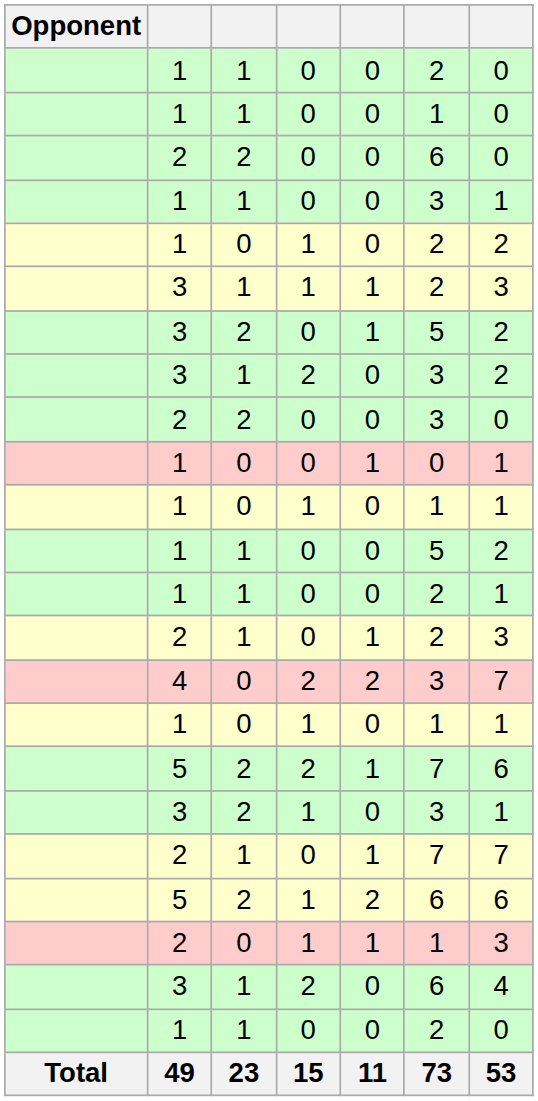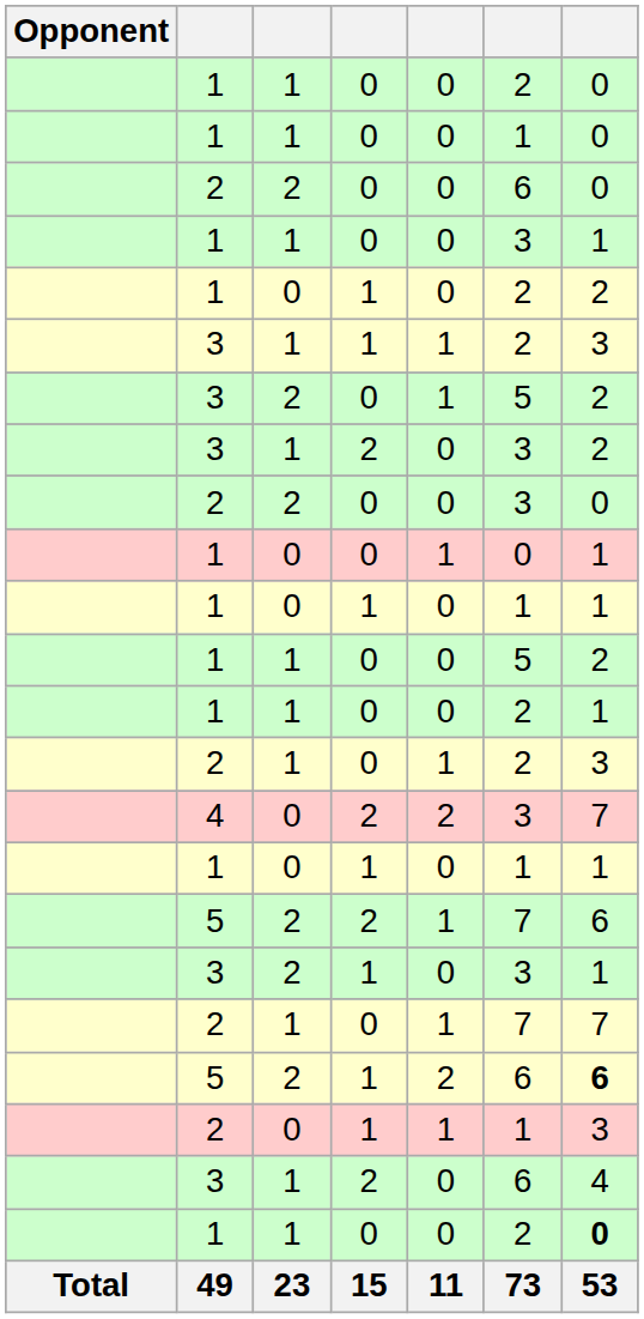 <table class="wikitable sortable" style="text-align: center;">
 <tr>
 <th width="30">Opponent</th>
 <th width="30"></th>
 <th width="30"></th>
 <th width="30"></th>
 <th width="30"></th>
 <th width="30"></th>
 <th width="30"></th>
 </tr>
 <tr bgcolor=#CCFFCC>
 <td align="left"></td>
 <td>1</td>
 <td>1</td>
 <td>0</td>
 <td>0</td>
 <td>2</td>
 <td>0</td>
 </tr>
 <tr bgcolor=#CCFFCC>
 <td align="left"></td>
 <td>1</td>
 <td>1</td>
 <td>0</td>
 <td>0</td>
 <td>1</td>
 <td>0</td>
 </tr>
 <tr bgcolor=#CCFFCC>
 <td align="left"></td>
 <td>2</td>
 <td>2</td>
 <td>0</td>
 <td>0</td>
 <td>6</td>
 <td>0</td>
 </tr>
 <tr bgcolor=#CCFFCC>
 <td align="left"></td>
 <td>1</td>
 <td>1</td>
 <td>0</td>
 <td>0</td>
 <td>3</td>
 <td>1</td>
 </tr>
 <tr bgcolor=#FFFFCC>
 <td align="left"></td>
 <td>1</td>
 <td>0</td>
 <td>1</td>
 <td>0</td>
 <td>2</td>
 <td>2</td>
 </tr>
 <tr bgcolor=#FFFFCC>
 <td align="left"></td>
 <td>3</td>
 <td>1</td>
 <td>1</td>
 <td>1</td>
 <td>2</td>
 <td>3</td>
 </tr>
 <tr bgcolor=#CCFFCC>
 <td align="left"></td>
 <td>3</td>
 <td>2</td>
 <td>0</td>
 <td>1</td>
 <td>5</td>
 <td>2</td>
 </tr>
 <tr bgcolor=#CCFFCC>
 <td align="left"></td>
 <td>3</td>
 <td>1</td>
 <td>2</td>
 <td>0</td>
 <td>3</td>
 <td>2</td>
 </tr>
 <tr bgcolor=#CCFFCC>
 <td align="left"></td>
 <td>2</td>
 <td>2</td>
 <td>0</td>
 <td>0</td>
 <td>3</td>
 <td>0</td>
 </tr>
 <tr bgcolor=#FFCCCC>
 <td align="left"></td>
 <td>1</td>
 <td>0</td>
 <td>0</td>
 <td>1</td>
 <td>0</td>
 <td>1</td>
 </tr>
 <tr bgcolor=#FFFFCC>
 <td align="left"></td>
 <td>1</td>
 <td>0</td>
 <td>1</td>
 <td>0</td>
 <td>1</td>
 <td>1</td>
 </tr>
 <tr bgcolor=#CCFFCC>
 <td align="left"></td>
 <td>1</td>
 <td>1</td>
 <td>0</td>
 <td>0</td>
 <td>5</td>
 <td>2</td>
 </tr>
 <tr bgcolor=#CCFFCC>
 <td align="left"></td>
 <td>1</td>
 <td>1</td>
 <td>0</td>
 <td>0</td>
 <td>2</td>
 <td>1</td>
 </tr>
 <tr bgcolor=#FFFFCC>
 <td align="left"></td>
 <td>2</td>
 <td>1</td>
 <td>0</td>
 <td>1</td>
 <td>2</td>
 <td>3</td>
 </tr>
 <tr bgcolor=#FFCCCC>
 <td align="left"></td>
 <td>4</td>
 <td>0</td>
 <td>2</td>
 <td>2</td>
 <td>3</td>
 <td>7</td>
 </tr>
 <tr bgcolor=#FFFFCC>
 <td align="left"></td>
 <td>1</td>
 <td>0</td>
 <td>1</td>
 <td>0</td>
 <td>1</td>
 <td>1</td>
 </tr>
 <tr bgcolor=#CCFFCC>
 <td align="left"></td>
 <td>5</td>
 <td>2</td>
 <td>2</td>
 <td>1</td>
 <td>7</td>
 <td>6</td>
 </tr>
 <tr bgcolor=#CCFFCC>
 <td align="left"></td>
 <td>3</td>
 <td>2</td>
 <td>1</td>
 <td>0</td>
 <td>3</td>
 <td>1</td>
 </tr>
 <tr bgcolor=#FFFFCC>
 <td align="left"></td>
 <td>2</td>
 <td>1</td>
 <td>0</td>
 <td>1</td>
 <td>7</td>
 <td>7</td>
 </tr>
 <tr bgcolor=#FFFFCC>
 <td align="left"></td>
 <td>5</td>
 <td>2</td>
 <td>1</td>
 <td>2</td>
 <td>6</td>
-<td>6</td>
+<td><strong>6</strong></td>
 </tr>
 <tr bgcolor=#FFCCCC>
 <td align="left"></td>
 <td>2</td>
 <td>0</td>
 <td>1</td>
 <td>1</td>
 <td>1</td>
 <td>3</td>
 </tr>
 <tr bgcolor=#CCFFCC>
 <td align="left"></td>
 <td>3</td>
 <td>1</td>
 <td>2</td>
 <td>0</td>
 <td>6</td>
 <td>4</td>
 </tr>
 <tr bgcolor=#CCFFCC>
 <td align="left"></td>
 <td>1</td>
 <td>1</td>
 <td>0</td>
 <td>0</td>
 <td>2</td>
-<td>0</td>
+<td><strong>0</strong></td>
 </tr>
 <tr>
 <th>Total</th>
 <th>49</th>
 <th>23</th>
 <th>15</th>
 <th>11</th>
 <th>73</th>
 <th>53</th>
 </tr>
 </table>
